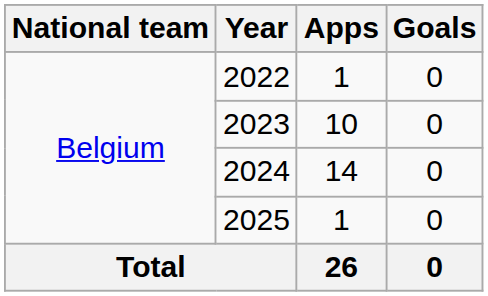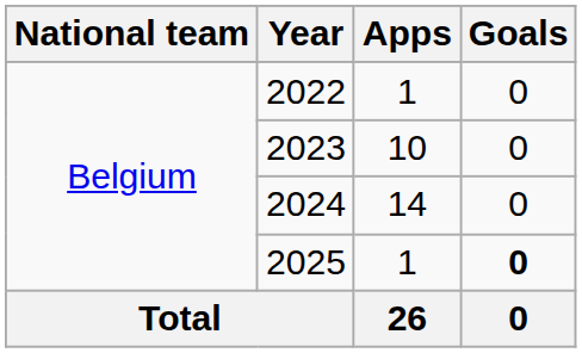 <table class="wikitable" style="text-align:center">
 <tr>
 <th>National team</th>
 <th>Year</th>
 <th>Apps</th>
 <th>Goals</th>
 </tr>
 <tr>
 <td rowspan="4"><a href='#'>Belgium</a></td>
 <td>2022</td>
 <td>1</td>
 <td>0</td>
 </tr>
 <tr>
 <td>2023</td>
 <td>10</td>
 <td>0</td>
 </tr>
 <tr>
 <td>2024</td>
 <td>14</td>
 <td>0</td>
 </tr>
 <tr>
 <td>2025</td>
 <td>1</td>
-<td>0</td>
+<td><strong>0</strong></td>
 </tr>
 <tr>
 <th colspan="2">Total</th>
 <th>26</th>
 <th>0</th>
 </tr>
 </table>
